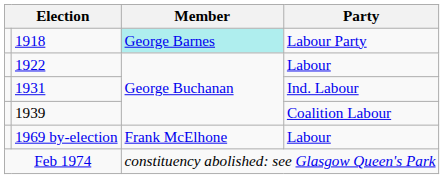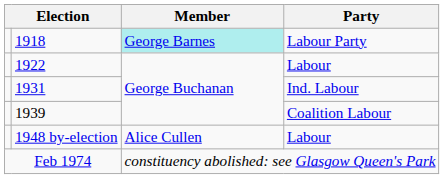 <table class="wikitable">
 <tr>
 <th colspan="2">Election</th>
 <th>Member  </th>
 <th>Party</th>
 </tr>
 <tr>
 <td style="color:inherit;background-color: "></td>
 <td><a href='#'>1918</a></td>
 <td style="background: paleturquoise;"><a href='#'>George Barnes</a></td>
 <td><a href='#'>Labour Party</a></td>
 </tr>
 <tr>
 <td style="color:inherit;background-color: "></td>
 <td><a href='#'>1922</a></td>
 <td rowspan=3><a href='#'>George Buchanan</a></td>
 <td><a href='#'>Labour</a></td>
 </tr>
 <tr>
 <td style="color:inherit;background-color: "></td>
 <td><a href='#'>1931</a></td>
 <td><a href='#'>Ind. Labour</a></td>
 </tr>
 <tr>
 <td style="color:inherit;background-color: "></td>
 <td>1939</td>
 <td><a href='#'>Coalition Labour</a></td>
 </tr>
 <tr>
 <td style="color:inherit;background-color: "></td>
-<td><a href='#'>1969 by-election</a></td>
-<td><a href='#'>Frank McElhone</a></td>
+<td><a href='#'>1948 by-election</a></td>
+<td><a href='#'>Alice Cullen</a></td>
 <td><a href='#'>Labour</a></td>
 </tr>
 <tr>
 <td colspan="2" align="center"><a href='#'>Feb 1974</a></td>
 <td colspan="2"><em>constituency abolished: see <a href='#'>Glasgow Queen's Park</a></em></td>
 </tr>
 </table>
